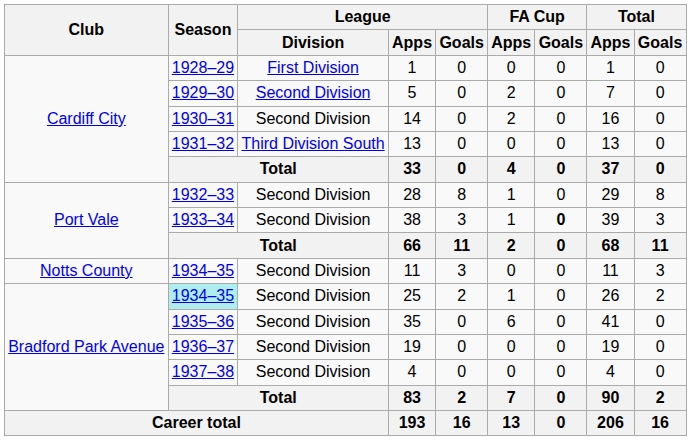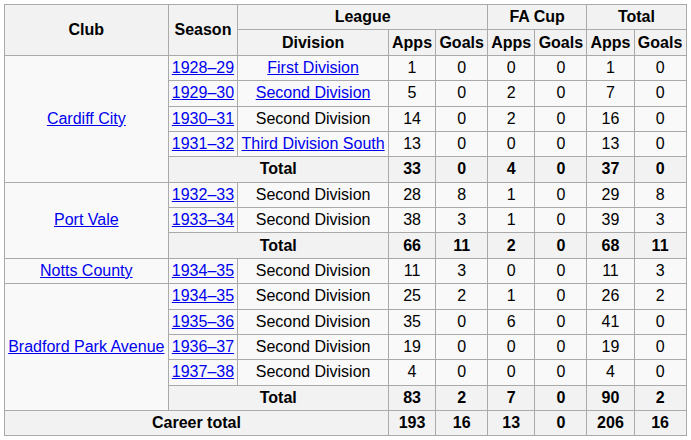 <table class="wikitable" style="text-align: center;">
 <tr>
 <th rowspan="2">Club</th>
 <th rowspan="2">Season</th>
 <th colspan="3">League</th>
 <th colspan="2">FA Cup</th>
 <th colspan="2">Total</th>
 </tr>
 <tr>
 <th>Division</th>
 <th>Apps</th>
 <th>Goals</th>
 <th>Apps</th>
 <th>Goals</th>
 <th>Apps</th>
 <th>Goals</th>
 </tr>
 <tr>
 <td rowspan="5"><a href='#'>Cardiff City</a></td>
 <td><a href='#'>1928–29</a></td>
 <td><a href='#'>First Division</a></td>
 <td>1</td>
 <td>0</td>
 <td>0</td>
 <td>0</td>
 <td>1</td>
 <td>0</td>
 </tr>
 <tr>
 <td><a href='#'>1929–30</a></td>
 <td><a href='#'>Second Division</a></td>
 <td>5</td>
 <td>0</td>
 <td>2</td>
 <td>0</td>
 <td>7</td>
 <td>0</td>
 </tr>
 <tr>
 <td><a href='#'>1930–31</a></td>
 <td>Second Division</td>
 <td>14</td>
 <td>0</td>
 <td>2</td>
 <td>0</td>
 <td>16</td>
 <td>0</td>
 </tr>
 <tr>
 <td><a href='#'>1931–32</a></td>
 <td><a href='#'>Third Division South</a></td>
 <td>13</td>
 <td>0</td>
 <td>0</td>
 <td>0</td>
 <td>13</td>
 <td>0</td>
 </tr>
 <tr>
 <th colspan="2">Total</th>
 <th>33</th>
 <th>0</th>
 <th>4</th>
 <th>0</th>
 <th>37</th>
 <th>0</th>
 </tr>
 <tr>
 <td rowspan="3"><a href='#'>Port Vale</a></td>
 <td><a href='#'>1932–33</a></td>
 <td>Second Division</td>
 <td>28</td>
 <td>8</td>
 <td>1</td>
 <td>0</td>
 <td>29</td>
 <td>8</td>
 </tr>
 <tr>
 <td><a href='#'>1933–34</a></td>
 <td>Second Division</td>
 <td>38</td>
 <td>3</td>
 <td>1</td>
-<td><strong>0</strong></td>
+<td>0</td>
 <td>39</td>
 <td>3</td>
 </tr>
 <tr>
 <th colspan="2">Total</th>
 <th>66</th>
 <th>11</th>
 <th>2</th>
 <th>0</th>
 <th>68</th>
 <th>11</th>
 </tr>
 <tr>
 <td><a href='#'>Notts County</a></td>
 <td><a href='#'>1934–35</a></td>
 <td>Second Division</td>
 <td>11</td>
 <td>3</td>
 <td>0</td>
 <td>0</td>
 <td>11</td>
 <td>3</td>
 </tr>
 <tr>
 <td rowspan="5"><a href='#'>Bradford Park Avenue</a></td>
-<td style="background: paleturquoise;"><a href='#'>1934–35</a></td>
+<td><a href='#'>1934–35</a></td>
 <td>Second Division</td>
 <td>25</td>
 <td>2</td>
 <td>1</td>
 <td>0</td>
 <td>26</td>
 <td>2</td>
 </tr>
 <tr>
 <td><a href='#'>1935–36</a></td>
 <td>Second Division</td>
 <td>35</td>
 <td>0</td>
 <td>6</td>
 <td>0</td>
 <td>41</td>
 <td>0</td>
 </tr>
 <tr>
 <td><a href='#'>1936–37</a></td>
 <td>Second Division</td>
 <td>19</td>
 <td>0</td>
 <td>0</td>
 <td>0</td>
 <td>19</td>
 <td>0</td>
 </tr>
 <tr>
 <td><a href='#'>1937–38</a></td>
 <td>Second Division</td>
 <td>4</td>
 <td>0</td>
 <td>0</td>
 <td>0</td>
 <td>4</td>
 <td>0</td>
 </tr>
 <tr>
 <th colspan="2">Total</th>
 <th>83</th>
 <th>2</th>
 <th>7</th>
 <th>0</th>
 <th>90</th>
 <th>2</th>
 </tr>
 <tr>
 <th colspan="3">Career total</th>
 <th>193</th>
 <th>16</th>
 <th>13</th>
 <th>0</th>
 <th>206</th>
 <th>16</th>
 </tr>
 </table>
